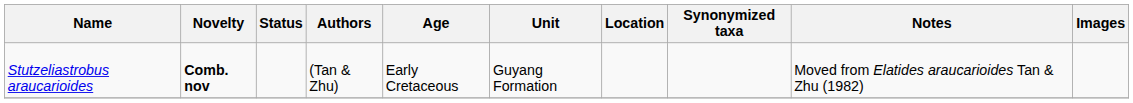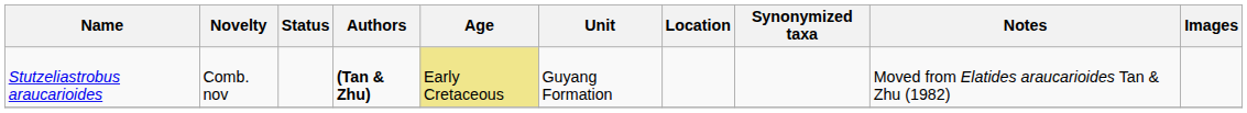 <table class="wikitable sortable" align="center" width="100%">
 <tr>
 <th>Name</th>
 <th>Novelty</th>
 <th>Status</th>
 <th>Authors</th>
 <th>Age</th>
 <th>Unit</th>
 <th>Location</th>
 <th>Synonymized taxa</th>
 <th>Notes</th>
 <th>Images</th>
 </tr>
 <tr>
 <td><br><em><a href='#'>Stutzeliastrobus araucarioides</a></em></td>
-<td><strong><br>Comb. nov</strong></td>
+<td><br>Comb. nov</td>
 <td></td>
-<td><br>(Tan & Zhu)</td>
-<td><br>Early Cretaceous</td>
+<td><strong><br>(Tan & Zhu)</strong></td>
+<td style="background: khaki;"><br>Early Cretaceous</td>
 <td><br>Guyang Formation</td>
 <td><br></td>
 <td></td>
 <td><br>Moved from <em>Elatides araucarioides</em> Tan & Zhu (1982)</td>
 <td></td>
 </tr>
 <tr>
 </tr>
 </table>
